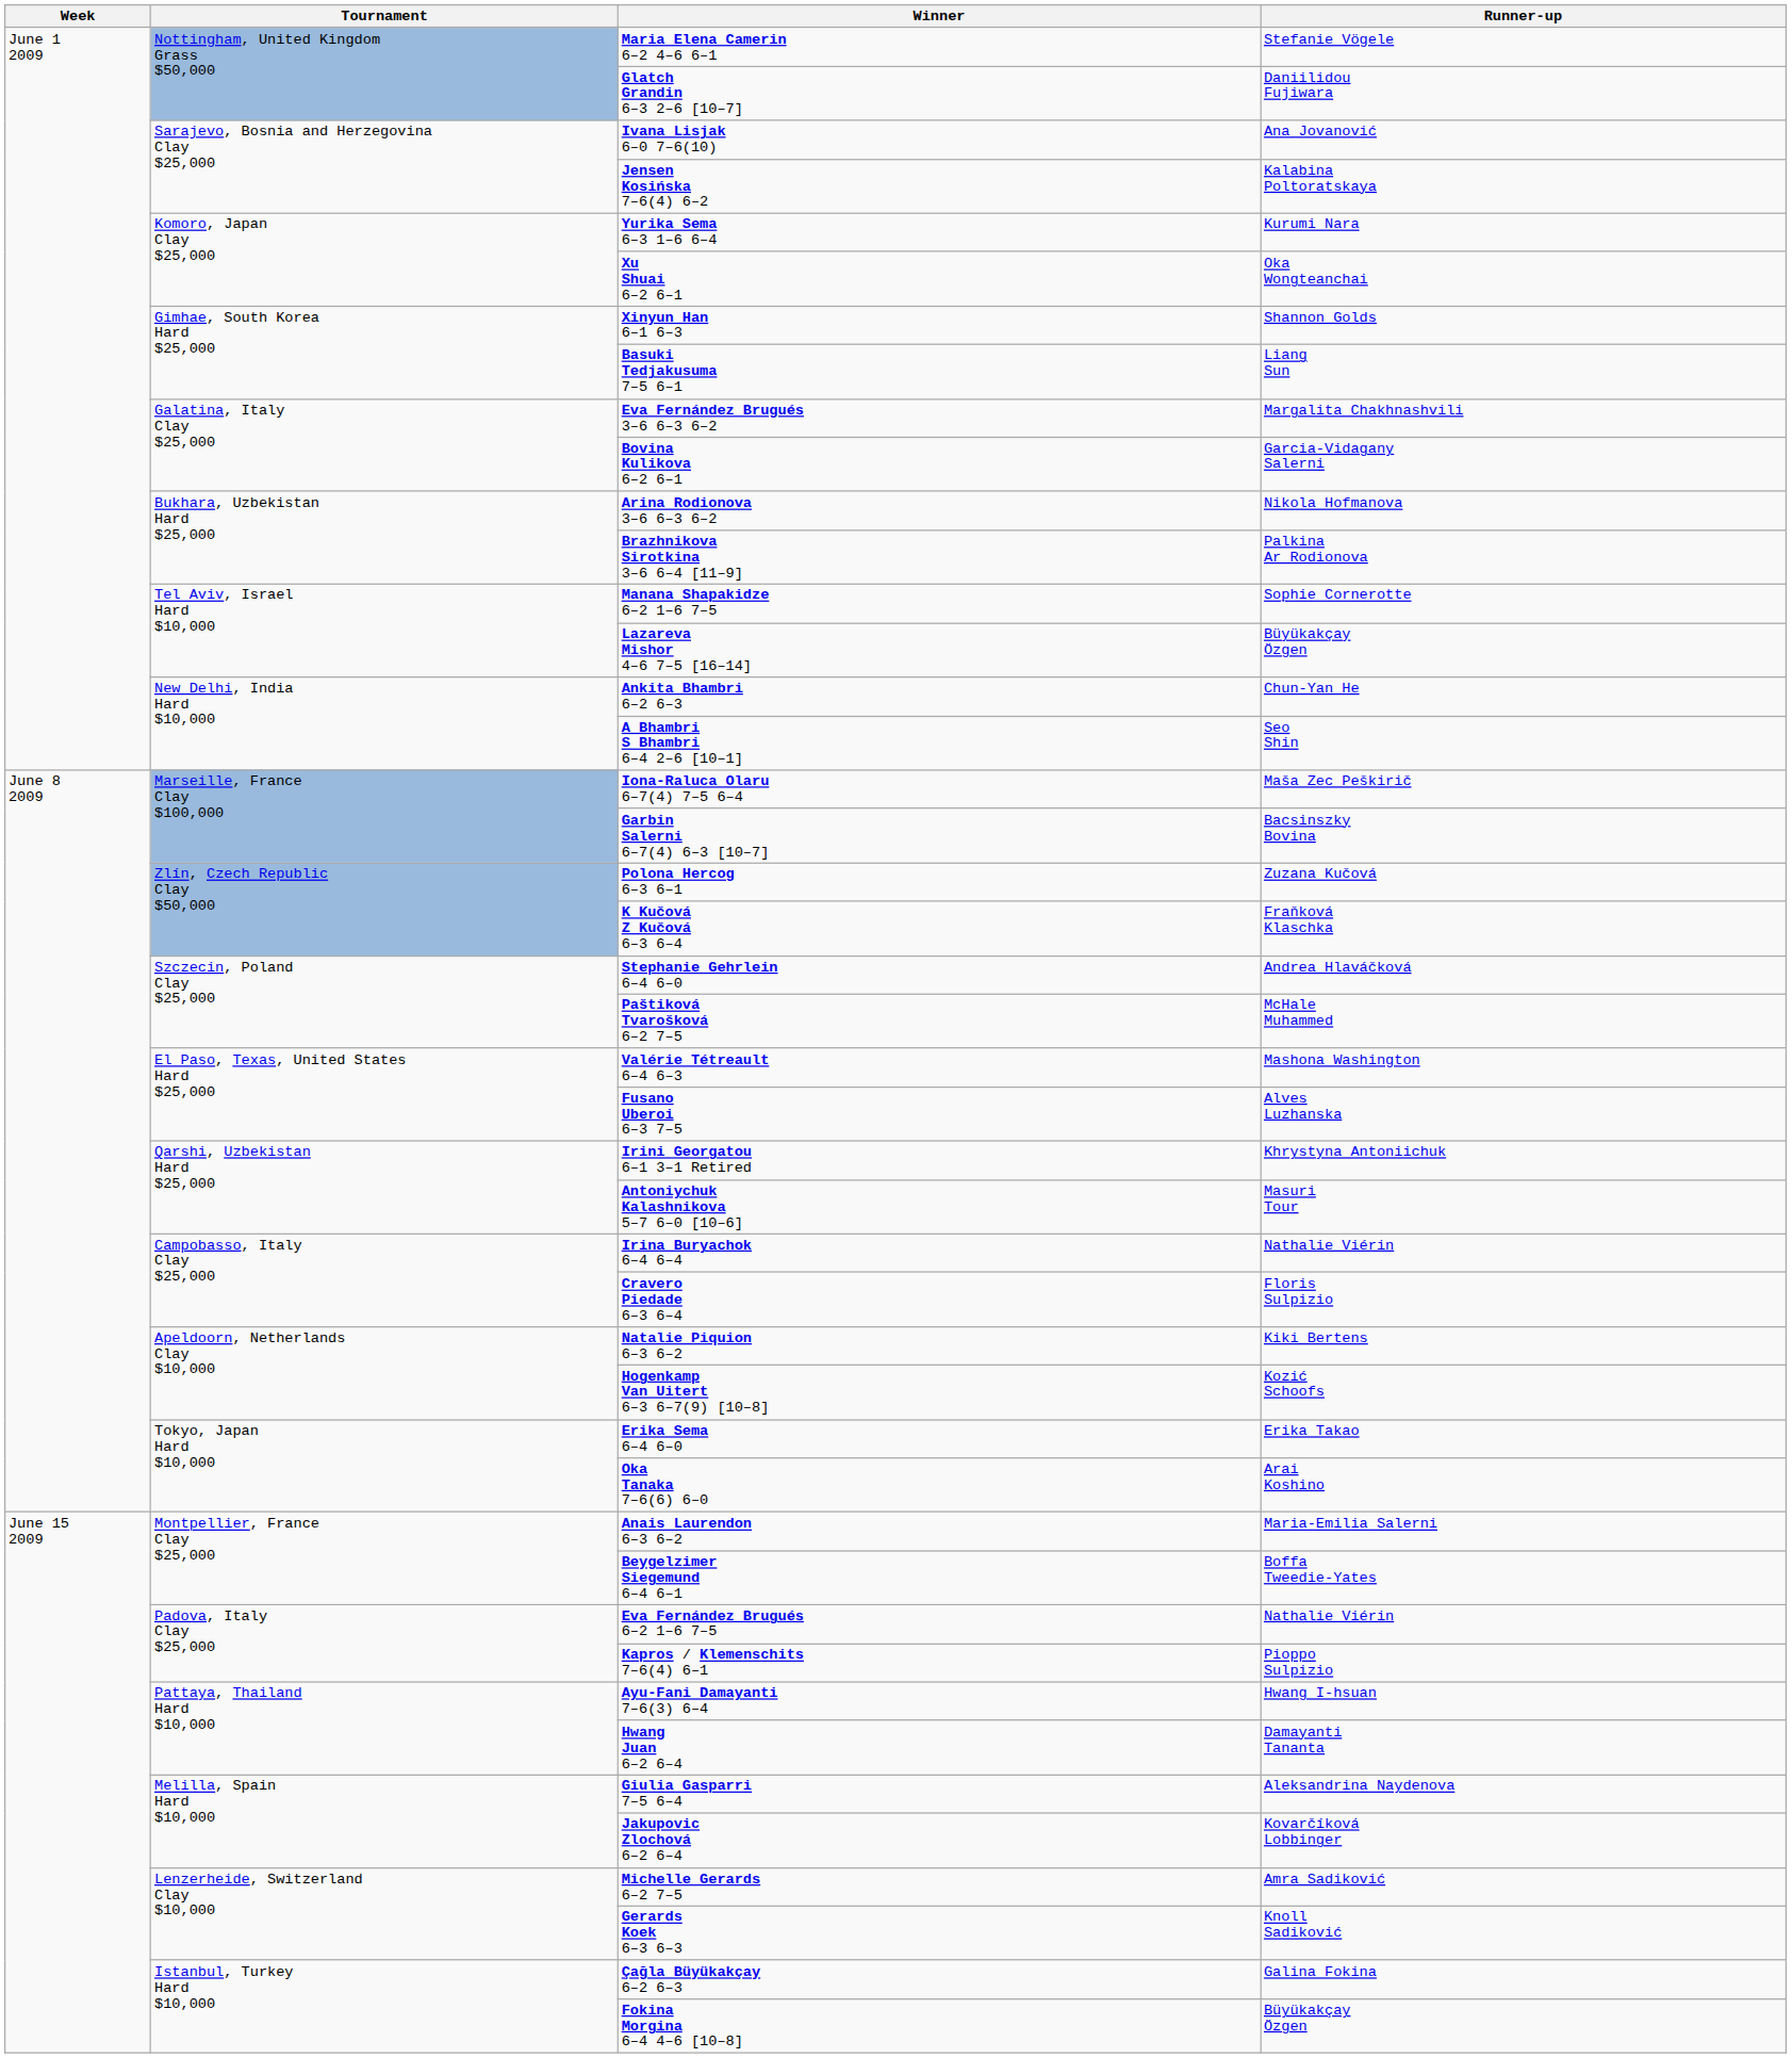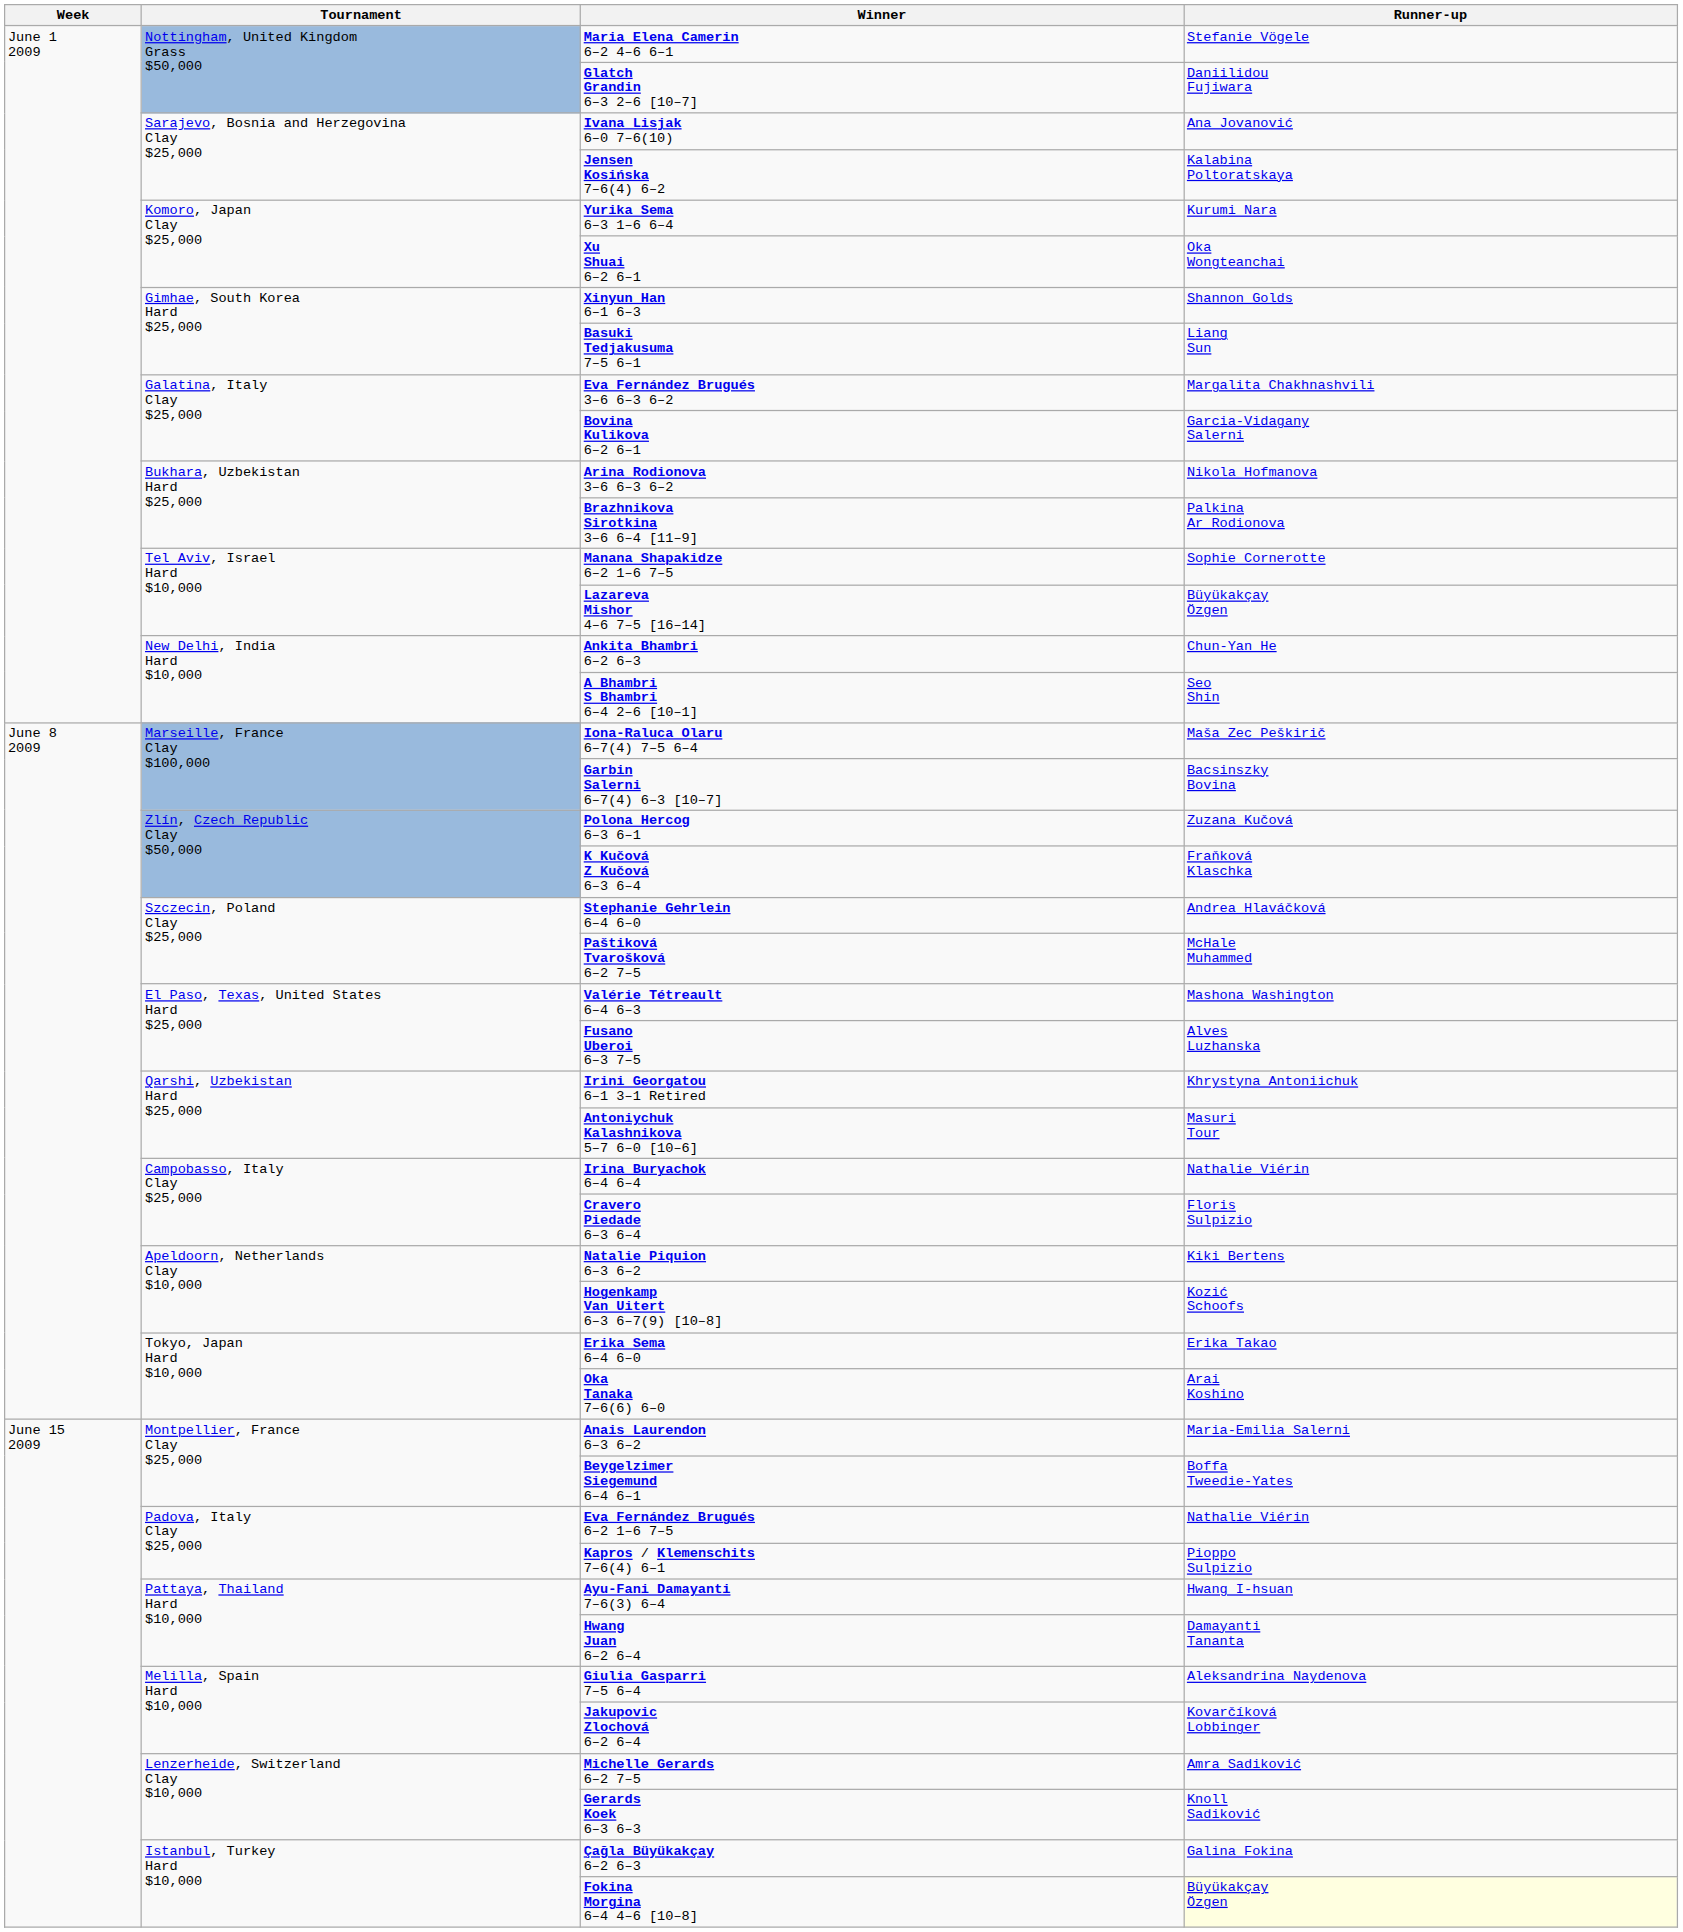 <table class="wikitable" style="font-size:85%;">
 <tr>
 <th width="5%" align="top">Week</th>
 <th width="16%" align="top">Tournament</th>
 <th width="22%" align="top">Winner</th>
 <th width="18%" align="top">Runner-up</th>
 </tr>
 <tr valign=top>
 <td rowspan=16>June 1 <br> 2009</td>
 <td rowspan=2 bgcolor="#99BADD"><a href='#'>Nottingham</a>, United Kingdom <br> Grass <br> $50,000</td>
 <td> <strong><a href='#'>Maria Elena Camerin</a></strong> <br> 6–2 4–6 6–1</td>
 <td> <a href='#'>Stefanie Vögele</a></td>
 </tr>
 <tr valign=top>
 <td> <strong><a href='#'>Glatch</a></strong> <br>  <strong><a href='#'>Grandin</a></strong> <br> 6–3 2–6 [10–7]</td>
 <td> <a href='#'>Daniilidou</a> <br>  <a href='#'>Fujiwara</a></td>
 </tr>
 <tr valign=top>
 <td rowspan=2><a href='#'>Sarajevo</a>, Bosnia and Herzegovina <br> Clay <br> $25,000</td>
 <td> <strong><a href='#'>Ivana Lisjak</a></strong> <br> 6–0 7–6(10)</td>
 <td> <a href='#'>Ana Jovanović</a></td>
 </tr>
 <tr valign=top>
 <td> <strong><a href='#'>Jensen</a></strong> <br>  <strong><a href='#'>Kosińska</a></strong> <br> 7–6(4) 6–2</td>
 <td> <a href='#'>Kalabina</a> <br>  <a href='#'>Poltoratskaya</a></td>
 </tr>
 <tr valign=top>
 <td rowspan=2><a href='#'>Komoro</a>, Japan <br> Clay <br> $25,000</td>
 <td> <strong><a href='#'>Yurika Sema</a></strong> <br> 6–3 1–6 6–4</td>
 <td> <a href='#'>Kurumi Nara</a></td>
 </tr>
 <tr valign=top>
 <td> <strong><a href='#'>Xu</a></strong> <br>  <strong><a href='#'>Shuai</a></strong> <br> 6–2 6–1</td>
 <td> <a href='#'>Oka</a> <br>  <a href='#'>Wongteanchai</a></td>
 </tr>
 <tr valign=top>
 <td rowspan=2><a href='#'>Gimhae</a>, South Korea <br> Hard <br> $25,000</td>
 <td> <strong><a href='#'>Xinyun Han</a></strong> <br> 6–1 6–3</td>
 <td> <a href='#'>Shannon Golds</a></td>
 </tr>
 <tr valign=top>
 <td> <strong><a href='#'>Basuki</a></strong> <br>  <strong><a href='#'>Tedjakusuma</a></strong> <br> 7–5 6–1</td>
 <td> <a href='#'>Liang</a> <br>  <a href='#'>Sun</a></td>
 </tr>
 <tr valign=top>
 <td rowspan=2><a href='#'>Galatina</a>, Italy <br> Clay <br> $25,000</td>
 <td> <strong><a href='#'>Eva Fernández Brugués</a></strong> <br>3–6 6–3 6–2</td>
 <td> <a href='#'>Margalita Chakhnashvili</a></td>
 </tr>
 <tr valign=top>
 <td> <strong><a href='#'>Bovina</a></strong> <br>  <strong><a href='#'>Kulikova</a></strong> <br> 6–2 6–1</td>
 <td> <a href='#'>Garcia-Vidagany</a> <br>  <a href='#'>Salerni</a></td>
 </tr>
 <tr valign=top>
 <td rowspan=2><a href='#'>Bukhara</a>, Uzbekistan <br> Hard <br> $25,000</td>
 <td> <strong><a href='#'>Arina Rodionova</a></strong> <br>3–6 6–3 6–2</td>
 <td> <a href='#'>Nikola Hofmanova</a></td>
 </tr>
 <tr valign=top>
 <td> <strong><a href='#'>Brazhnikova</a></strong> <br>  <strong><a href='#'>Sirotkina</a></strong> <br> 3–6 6–4 [11–9]</td>
 <td> <a href='#'>Palkina</a> <br>  <a href='#'>Ar Rodionova</a></td>
 </tr>
 <tr valign=top>
 <td rowspan=2><a href='#'>Tel Aviv</a>, Israel <br> Hard <br> $10,000</td>
 <td> <strong><a href='#'>Manana Shapakidze</a></strong> <br>6–2 1–6 7–5</td>
 <td> <a href='#'>Sophie Cornerotte</a></td>
 </tr>
 <tr valign=top>
 <td> <strong><a href='#'>Lazareva</a></strong> <br>  <strong><a href='#'>Mishor</a></strong> <br> 4–6 7–5 [16–14]</td>
 <td> <a href='#'>Büyükakçay</a> <br>  <a href='#'>Özgen</a></td>
 </tr>
 <tr valign=top>
 <td rowspan=2><a href='#'>New Delhi</a>, India <br> Hard <br> $10,000</td>
 <td> <strong><a href='#'>Ankita Bhambri</a></strong> <br>6–2 6–3</td>
 <td> <a href='#'>Chun-Yan He</a></td>
 </tr>
 <tr valign=top>
 <td> <strong><a href='#'>A Bhambri</a></strong> <br>  <strong><a href='#'>S Bhambri</a></strong> <br> 6–4 2–6 [10–1]</td>
 <td> <a href='#'>Seo</a> <br>  <a href='#'>Shin</a></td>
 </tr>
 <tr valign=top>
 <td rowspan=16>June 8 <br> 2009</td>
 <td rowspan=2 bgcolor="#99BADD"><a href='#'>Marseille</a>, France <br> Clay <br> $100,000</td>
 <td> <strong><a href='#'>Iona-Raluca Olaru</a></strong> <br> 6–7(4) 7–5 6–4</td>
 <td> <a href='#'>Maša Zec Peškirič</a></td>
 </tr>
 <tr valign=top>
 <td> <strong><a href='#'>Garbin</a></strong> <br>  <strong><a href='#'>Salerni</a></strong> <br> 6–7(4) 6–3 [10–7]</td>
 <td> <a href='#'>Bacsinszky</a> <br>  <a href='#'>Bovina</a></td>
 </tr>
 <tr valign=top>
 <td rowspan=2 bgcolor="#99BADD"><a href='#'>Zlín</a>, <a href='#'>Czech Republic</a> <br> Clay <br> $50,000</td>
 <td> <strong><a href='#'>Polona Hercog</a></strong> <br> 6–3 6–1</td>
 <td> <a href='#'>Zuzana Kučová</a></td>
 </tr>
 <tr valign=top>
 <td> <strong><a href='#'>K Kučová</a></strong> <br>  <strong><a href='#'>Z Kučová</a></strong> <br> 6–3 6–4</td>
 <td> <a href='#'>Fraňková</a> <br>  <a href='#'>Klaschka</a></td>
 </tr>
 <tr valign=top>
 <td rowspan=2><a href='#'>Szczecin</a>, Poland <br> Clay <br> $25,000</td>
 <td> <strong><a href='#'>Stephanie Gehrlein</a></strong> <br> 6–4 6–0</td>
 <td> <a href='#'>Andrea Hlaváčková</a></td>
 </tr>
 <tr valign=top>
 <td> <strong><a href='#'>Paštiková</a></strong> <br>  <strong><a href='#'>Tvarošková</a></strong> <br> 6–2 7–5</td>
 <td> <a href='#'>McHale</a> <br>  <a href='#'>Muhammed</a></td>
 </tr>
 <tr valign=top>
 <td rowspan=2><a href='#'>El Paso</a>, <a href='#'>Texas</a>, United States <br> Hard <br> $25,000</td>
 <td> <strong><a href='#'>Valérie Tétreault</a></strong> <br> 6–4 6–3</td>
 <td> <a href='#'>Mashona Washington</a></td>
 </tr>
 <tr valign=top>
 <td> <strong><a href='#'>Fusano</a></strong> <br>  <strong><a href='#'>Uberoi</a></strong> <br> 6–3 7–5</td>
 <td> <a href='#'>Alves</a> <br>  <a href='#'>Luzhanska</a></td>
 </tr>
 <tr valign=top>
 <td rowspan=2><a href='#'>Qarshi</a>, <a href='#'>Uzbekistan</a> <br> Hard <br> $25,000</td>
 <td> <strong><a href='#'>Irini Georgatou</a></strong> <br> 6–1 3–1 Retired</td>
 <td> <a href='#'>Khrystyna Antoniichuk</a></td>
 </tr>
 <tr valign=top>
 <td> <strong><a href='#'>Antoniychuk</a></strong> <br>  <strong><a href='#'>Kalashnikova</a></strong> <br> 5–7 6–0 [10–6]</td>
 <td> <a href='#'>Masuri</a> <br>  <a href='#'>Tour</a></td>
 </tr>
 <tr valign=top>
 <td rowspan=2><a href='#'>Campobasso</a>, Italy <br> Clay <br> $25,000</td>
 <td> <strong><a href='#'>Irina Buryachok</a></strong> <br> 6–4 6–4</td>
 <td> <a href='#'>Nathalie Viérin</a></td>
 </tr>
 <tr valign=top>
 <td> <strong><a href='#'>Cravero</a></strong> <br>  <strong><a href='#'>Piedade</a></strong> <br> 6–3 6–4</td>
 <td> <a href='#'>Floris</a> <br>  <a href='#'>Sulpizio</a></td>
 </tr>
 <tr valign=top>
 <td rowspan=2><a href='#'>Apeldoorn</a>, Netherlands <br> Clay <br> $10,000</td>
 <td> <strong><a href='#'>Natalie Piquion</a></strong> <br> 6–3 6–2</td>
 <td> <a href='#'>Kiki Bertens</a></td>
 </tr>
 <tr valign=top>
 <td> <strong><a href='#'>Hogenkamp</a></strong> <br>  <strong><a href='#'>Van Uitert</a></strong> <br> 6–3 6–7(9) [10–8]</td>
 <td> <a href='#'>Kozić</a> <br>  <a href='#'>Schoofs</a></td>
 </tr>
 <tr valign=top>
 <td rowspan=2>Tokyo, Japan <br> Hard <br> $10,000</td>
 <td> <strong><a href='#'>Erika Sema</a></strong> <br> 6–4 6–0</td>
 <td> <a href='#'>Erika Takao</a></td>
 </tr>
 <tr valign=top>
 <td> <strong><a href='#'>Oka</a></strong> <br>  <strong><a href='#'>Tanaka</a></strong> <br> 7–6(6) 6–0</td>
 <td> <a href='#'>Arai</a> <br>  <a href='#'>Koshino</a></td>
 </tr>
 <tr valign=top>
 <td rowspan=16>June 15 <br> 2009</td>
 <td rowspan=2><a href='#'>Montpellier</a>, France <br> Clay <br> $25,000</td>
 <td> <strong><a href='#'>Anais Laurendon</a></strong> <br> 6–3 6–2</td>
 <td> <a href='#'>Maria-Emilia Salerni</a></td>
 </tr>
 <tr valign=top>
 <td> <strong><a href='#'>Beygelzimer</a></strong> <br>  <strong><a href='#'>Siegemund</a></strong> <br> 6–4 6–1</td>
 <td> <a href='#'>Boffa</a> <br>  <a href='#'>Tweedie-Yates</a></td>
 </tr>
 <tr valign=top>
 <td rowspan=2><a href='#'>Padova</a>, Italy <br> Clay <br> $25,000</td>
 <td> <strong><a href='#'>Eva Fernández Brugués</a></strong> <br> 6–2 1–6 7–5</td>
 <td> <a href='#'>Nathalie Viérin</a></td>
 </tr>
 <tr valign=top>
 <td> <strong><a href='#'>Kapros</a></strong> / <strong><a href='#'>Klemenschits</a></strong> <br> 7–6(4) 6–1</td>
 <td> <a href='#'>Pioppo</a> <br>  <a href='#'>Sulpizio</a></td>
 </tr>
 <tr valign=top>
 <td rowspan=2><a href='#'>Pattaya</a>, <a href='#'>Thailand</a> <br> Hard <br> $10,000</td>
 <td> <strong><a href='#'>Ayu-Fani Damayanti</a></strong> <br> 7–6(3) 6–4</td>
 <td> <a href='#'>Hwang I-hsuan</a></td>
 </tr>
 <tr valign=top>
 <td> <strong><a href='#'>Hwang</a></strong> <br>  <strong><a href='#'>Juan</a></strong> <br> 6–2 6–4</td>
 <td> <a href='#'>Damayanti</a> <br>  <a href='#'>Tananta</a></td>
 </tr>
 <tr valign=top>
 <td rowspan=2><a href='#'>Melilla</a>, Spain <br> Hard <br> $10,000</td>
 <td> <strong><a href='#'>Giulia Gasparri</a></strong> <br> 7–5 6–4</td>
 <td> <a href='#'>Aleksandrina Naydenova</a></td>
 </tr>
 <tr valign=top>
 <td> <strong><a href='#'>Jakupovic</a></strong> <br>  <strong><a href='#'>Zlochová</a></strong> <br> 6–2 6–4</td>
 <td> <a href='#'>Kovarčíková</a> <br>  <a href='#'>Lobbinger</a></td>
 </tr>
 <tr valign=top>
 <td rowspan=2><a href='#'>Lenzerheide</a>, Switzerland <br> Clay <br> $10,000</td>
 <td> <strong><a href='#'>Michelle Gerards</a></strong> <br> 6–2 7–5</td>
 <td> <a href='#'>Amra Sadiković</a></td>
 </tr>
 <tr valign=top>
 <td> <strong><a href='#'>Gerards</a></strong> <br>  <strong><a href='#'>Koek</a></strong> <br> 6–3 6–3</td>
 <td> <a href='#'>Knoll</a> <br>  <a href='#'>Sadiković</a></td>
 </tr>
 <tr valign=top>
 <td rowspan=2><a href='#'>Istanbul</a>, Turkey <br> Hard <br> $10,000</td>
 <td> <strong><a href='#'>Çağla Büyükakçay</a></strong> <br> 6–2 6–3</td>
 <td> <a href='#'>Galina Fokina</a></td>
 </tr>
 <tr valign=top>
 <td> <strong><a href='#'>Fokina</a></strong> <br>  <strong><a href='#'>Morgina</a></strong> <br> 6–4 4–6 [10–8]</td>
-<td> <a href='#'>Büyükakçay</a> <br>  <a href='#'>Özgen</a></td>
+<td style="background: lightyellow;"> <a href='#'>Büyükakçay</a> <br>  <a href='#'>Özgen</a></td>
 </tr>
 </table>
